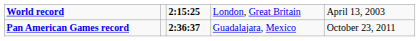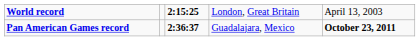 <table class="wikitable" width=75%>
 <tr>
 <td><strong><a href='#'>World record</a></strong></td>
 <td></td>
 <td><strong>2:15:25</strong></td>
 <td><a href='#'>London</a>, <a href='#'>Great Britain</a></td>
 <td>April 13, 2003</td>
 </tr>
 <tr>
 <td><strong><a href='#'>Pan American Games record</a></strong></td>
 <td></td>
 <td><strong>2:36:37</strong></td>
 <td><a href='#'>Guadalajara</a>, <a href='#'>Mexico</a></td>
-<td>October 23, 2011</td>
+<td><strong>October 23, 2011</strong></td>
 </tr>
 </table>
